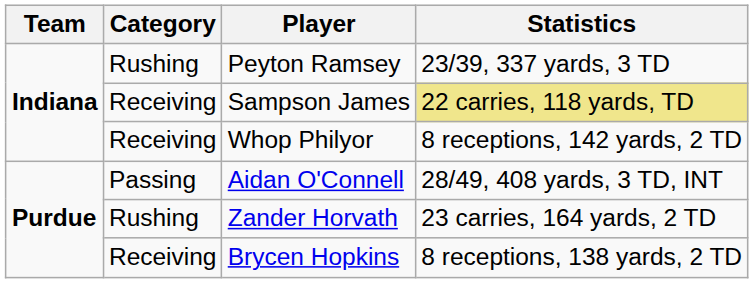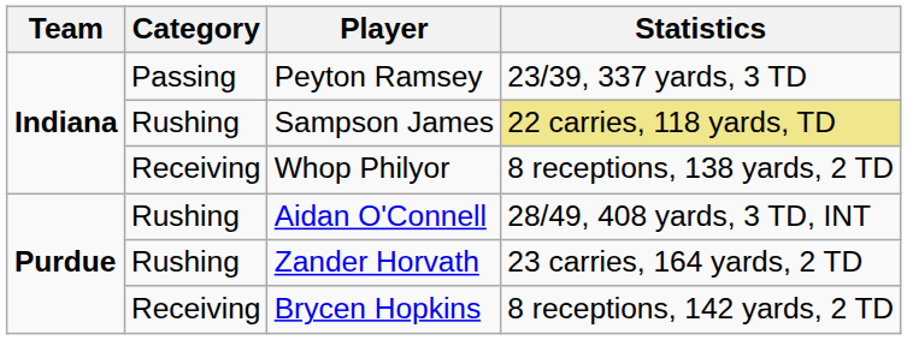 <table class="wikitable" style="float: right;">
 <tr>
 <th>Team</th>
 <th>Category</th>
 <th>Player</th>
 <th>Statistics</th>
 </tr>
 <tr>
 <td rowspan=3><strong>Indiana</strong></td>
-<td>Rushing</td>
+<td>Passing</td>
 <td>Peyton Ramsey</td>
 <td>23/39, 337 yards, 3 TD</td>
 </tr>
 <tr>
-<td>Receiving</td>
+<td>Rushing</td>
 <td>Sampson James</td>
 <td style="background: khaki;">22 carries, 118 yards, TD</td>
 </tr>
 <tr>
 <td>Receiving</td>
 <td>Whop Philyor</td>
-<td>8 receptions, 142 yards, 2 TD</td>
+<td>8 receptions, 138 yards, 2 TD</td>
 </tr>
 <tr>
 <td rowspan=3><strong>Purdue</strong></td>
-<td>Passing</td>
+<td>Rushing</td>
 <td><a href='#'>Aidan O'Connell</a></td>
 <td>28/49, 408 yards, 3 TD, INT</td>
 </tr>
 <tr>
 <td>Rushing</td>
 <td><a href='#'>Zander Horvath</a></td>
 <td>23 carries, 164 yards, 2 TD</td>
 </tr>
 <tr>
 <td>Receiving</td>
 <td><a href='#'>Brycen Hopkins</a></td>
-<td>8 receptions, 138 yards, 2 TD</td>
+<td>8 receptions, 142 yards, 2 TD</td>
 </tr>
 </table>
